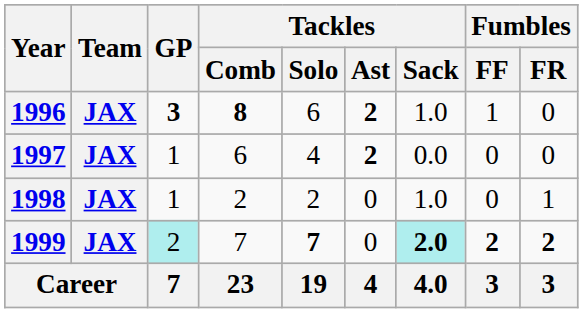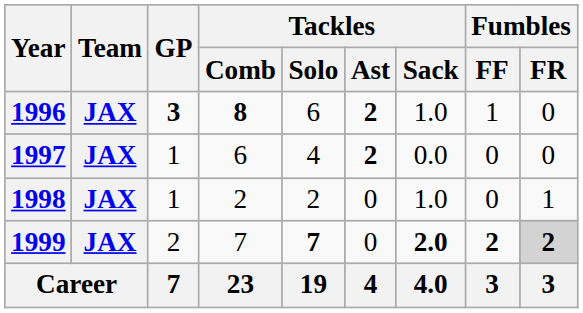 <table class="wikitable" style="text-align:center">
 <tr>
 <th rowspan="2">Year</th>
 <th rowspan="2">Team</th>
 <th rowspan="2">GP</th>
 <th colspan="4">Tackles</th>
 <th colspan="2">Fumbles</th>
 </tr>
 <tr>
 <th>Comb</th>
 <th>Solo</th>
 <th>Ast</th>
 <th>Sack</th>
 <th>FF</th>
 <th>FR</th>
 </tr>
 <tr>
 <th><a href='#'>1996</a></th>
 <th><a href='#'>JAX</a></th>
 <td><strong>3</strong></td>
 <td><strong>8</strong></td>
 <td>6</td>
 <td><strong>2</strong></td>
 <td>1.0</td>
 <td>1</td>
 <td>0</td>
 </tr>
 <tr>
 <th><a href='#'>1997</a></th>
 <th><a href='#'>JAX</a></th>
 <td>1</td>
 <td>6</td>
 <td>4</td>
 <td><strong>2</strong></td>
 <td>0.0</td>
 <td>0</td>
 <td>0</td>
 </tr>
 <tr>
 <th><a href='#'>1998</a></th>
 <th><a href='#'>JAX</a></th>
 <td>1</td>
 <td>2</td>
 <td>2</td>
 <td>0</td>
 <td>1.0</td>
 <td>0</td>
 <td>1</td>
 </tr>
 <tr>
 <th><a href='#'>1999</a></th>
 <th><a href='#'>JAX</a></th>
-<td style="background: paleturquoise;">2</td>
+<td>2</td>
 <td>7</td>
 <td><strong>7</strong></td>
 <td>0</td>
-<td style="background: paleturquoise;"><strong>2.0</strong></td>
+<td><strong>2.0</strong></td>
 <td><strong>2</strong></td>
-<td><strong>2</strong></td>
+<td style="background: lightgrey;"><strong>2</strong></td>
 </tr>
 <tr>
 <th colspan="2">Career</th>
 <th>7</th>
 <th>23</th>
 <th>19</th>
 <th>4</th>
 <th>4.0</th>
 <th>3</th>
 <th>3</th>
 </tr>
 </table>
